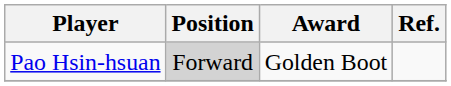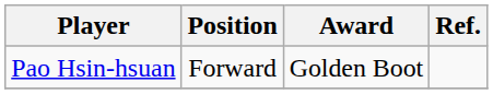 <table class="wikitable">
 <tr>
 <th>Player</th>
 <th>Position</th>
 <th>Award</th>
 <th>Ref.</th>
 </tr>
 <tr>
 <td> <a href='#'>Pao Hsin-hsuan</a></td>
-<td align="center" style="background: lightgrey;">Forward</td>
+<td align="center">Forward</td>
 <td align="center">Golden Boot</td>
 <td align="center"></td>
 </tr>
 <tr>
 </tr>
 </table>
